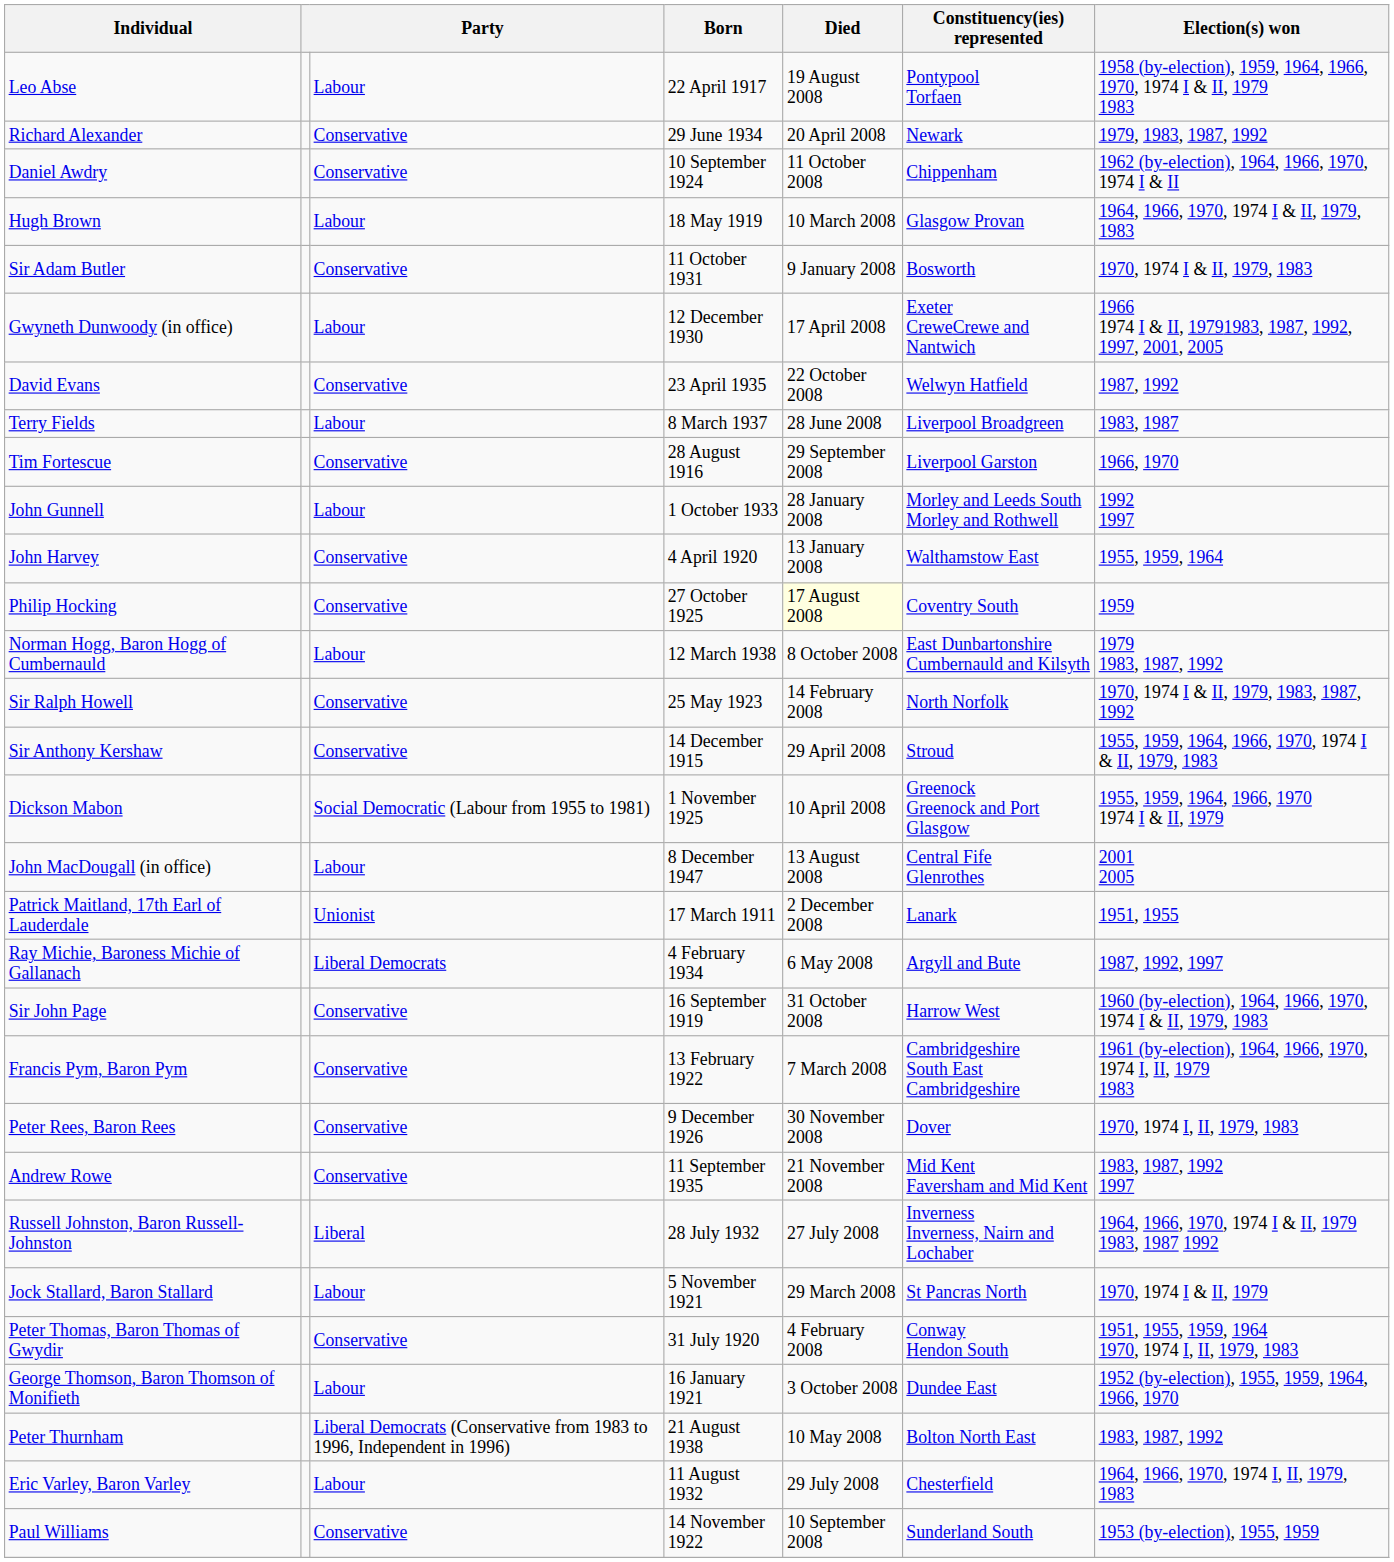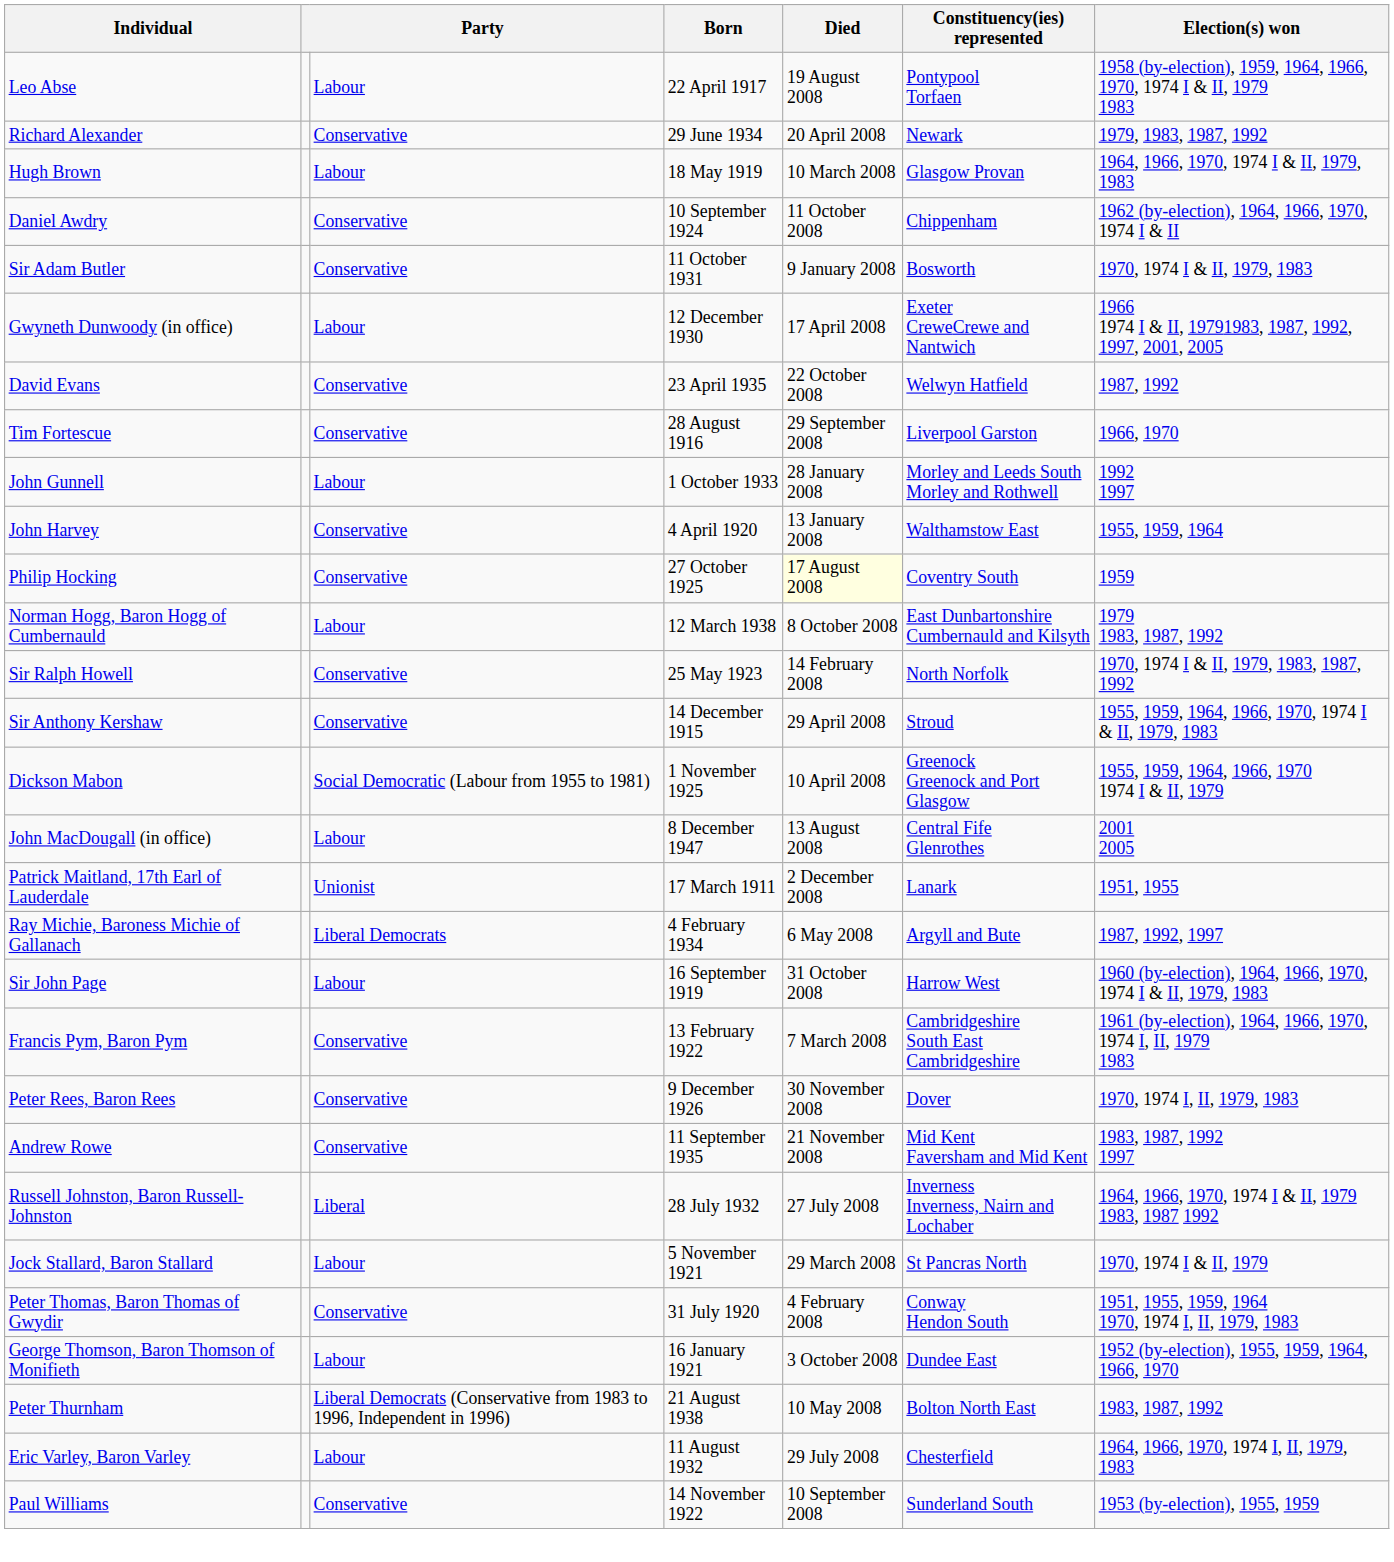 <table class="wikitable sortable">
 <tr>
 <th width="260px">Individual</th>
 <th colspan="2">Party</th>
 <th>Born</th>
 <th>Died</th>
 <th>Constituency(ies) represented</th>
 <th>Election(s) won</th>
 </tr>
 <tr>
 <td><a href='#'>Leo Abse</a></td>
 <td style="background-color: "></td>
 <td><a href='#'>Labour</a></td>
 <td>22 April 1917</td>
 <td>19 August 2008</td>
 <td><a href='#'>Pontypool</a><br><a href='#'>Torfaen</a></td>
 <td><a href='#'>1958 (by-election)</a>, <a href='#'>1959</a>, <a href='#'>1964</a>, <a href='#'>1966</a>, <a href='#'>1970</a>, 1974 <a href='#'>I</a> & <a href='#'>II</a>, <a href='#'>1979</a><br><a href='#'>1983</a></td>
 </tr>
 <tr>
 <td><a href='#'>Richard Alexander</a></td>
 <td style="background-color: "></td>
 <td><a href='#'>Conservative</a></td>
 <td>29 June 1934</td>
 <td>20 April 2008</td>
 <td><a href='#'>Newark</a></td>
 <td><a href='#'>1979</a>, <a href='#'>1983</a>, <a href='#'>1987</a>, <a href='#'>1992</a></td>
 </tr>
 <tr>
+<td><a href='#'>Hugh Brown</a></td>
+<td style="background-color: "></td>
+<td><a href='#'>Labour</a></td>
+<td>18 May 1919</td>
+<td>10 March 2008</td>
+<td><a href='#'>Glasgow Provan</a></td>
+<td><a href='#'>1964</a>, <a href='#'>1966</a>, <a href='#'>1970</a>, 1974 <a href='#'>I</a> & <a href='#'>II</a>, <a href='#'>1979</a>, <a href='#'>1983</a></td>
+</tr>
+<tr>
 <td><a href='#'>Daniel Awdry</a></td>
 <td style="background-color: "></td>
 <td><a href='#'>Conservative</a></td>
 <td>10 September 1924</td>
 <td>11 October 2008</td>
 <td><a href='#'>Chippenham</a></td>
 <td><a href='#'>1962 (by-election)</a>, <a href='#'>1964</a>, <a href='#'>1966</a>, <a href='#'>1970</a>, 1974 <a href='#'>I</a> & <a href='#'>II</a></td>
-</tr>
-<tr>
-<td><a href='#'>Hugh Brown</a></td>
-<td style="background-color: "></td>
-<td><a href='#'>Labour</a></td>
-<td>18 May 1919</td>
-<td>10 March 2008</td>
-<td><a href='#'>Glasgow Provan</a></td>
-<td><a href='#'>1964</a>, <a href='#'>1966</a>, <a href='#'>1970</a>, 1974 <a href='#'>I</a> & <a href='#'>II</a>, <a href='#'>1979</a>, <a href='#'>1983</a></td>
 </tr>
 <tr>
 <td><a href='#'>Sir Adam Butler</a></td>
 <td style="background-color: "></td>
 <td><a href='#'>Conservative</a></td>
 <td>11 October 1931</td>
 <td>9 January 2008</td>
 <td><a href='#'>Bosworth</a></td>
 <td><a href='#'>1970</a>, 1974 <a href='#'>I</a> & <a href='#'>II</a>, <a href='#'>1979</a>, <a href='#'>1983</a></td>
 </tr>
 <tr>
 <td><a href='#'>Gwyneth Dunwoody</a> (in office)</td>
 <td style="background-color: "></td>
 <td><a href='#'>Labour</a></td>
 <td>12 December 1930</td>
 <td>17 April 2008</td>
 <td><a href='#'>Exeter</a><br><a href='#'>Crewe</a><a href='#'>Crewe and Nantwich</a></td>
 <td><a href='#'>1966</a><br>1974 <a href='#'>I</a> & <a href='#'>II</a>, <a href='#'>1979</a><a href='#'>1983</a>, <a href='#'>1987</a>, <a href='#'>1992</a>, <a href='#'>1997</a>, <a href='#'>2001</a>, <a href='#'>2005</a></td>
 </tr>
 <tr>
 <td><a href='#'>David Evans</a></td>
 <td style="background-color: "></td>
 <td><a href='#'>Conservative</a></td>
 <td>23 April 1935</td>
 <td>22 October 2008</td>
 <td><a href='#'>Welwyn Hatfield</a></td>
 <td><a href='#'>1987</a>, <a href='#'>1992</a></td>
-</tr>
-<tr>
-<td><a href='#'>Terry Fields</a></td>
-<td style="background-color: "></td>
-<td><a href='#'>Labour</a></td>
-<td>8 March 1937</td>
-<td>28 June 2008</td>
-<td><a href='#'>Liverpool Broadgreen</a></td>
-<td><a href='#'>1983</a>, <a href='#'>1987</a></td>
 </tr>
 <tr>
 <td><a href='#'>Tim Fortescue</a></td>
 <td style="background-color: "></td>
 <td><a href='#'>Conservative</a></td>
 <td>28 August 1916</td>
 <td>29 September 2008</td>
 <td><a href='#'>Liverpool Garston</a></td>
 <td><a href='#'>1966</a>, <a href='#'>1970</a></td>
 </tr>
 <tr>
 <td><a href='#'>John Gunnell</a></td>
 <td style="background-color: "></td>
 <td><a href='#'>Labour</a></td>
 <td>1 October 1933</td>
 <td>28 January 2008</td>
 <td><a href='#'>Morley and Leeds South</a><br><a href='#'>Morley and Rothwell</a></td>
 <td><a href='#'>1992</a><br><a href='#'>1997</a></td>
 </tr>
 <tr>
 <td><a href='#'>John Harvey</a></td>
 <td style="background-color: "></td>
 <td><a href='#'>Conservative</a></td>
 <td>4 April 1920</td>
 <td>13 January 2008</td>
 <td><a href='#'>Walthamstow East</a></td>
 <td><a href='#'>1955</a>, <a href='#'>1959</a>, <a href='#'>1964</a></td>
 </tr>
 <tr>
 <td><a href='#'>Philip Hocking</a></td>
 <td style="background-color: "></td>
 <td><a href='#'>Conservative</a></td>
 <td>27 October 1925</td>
 <td style="background: lightyellow;">17 August 2008</td>
 <td><a href='#'>Coventry South</a></td>
 <td><a href='#'>1959</a></td>
 </tr>
 <tr>
 <td><a href='#'>Norman Hogg, Baron Hogg of Cumbernauld</a></td>
 <td style="background-color: "></td>
 <td><a href='#'>Labour</a></td>
 <td>12 March 1938</td>
 <td>8 October 2008</td>
 <td><a href='#'>East Dunbartonshire</a><br><a href='#'>Cumbernauld and Kilsyth</a></td>
 <td><a href='#'>1979</a><br><a href='#'>1983</a>, <a href='#'>1987</a>, <a href='#'>1992</a></td>
 </tr>
 <tr>
 <td><a href='#'>Sir Ralph Howell</a></td>
 <td style="background-color: "></td>
 <td><a href='#'>Conservative</a></td>
 <td>25 May 1923</td>
 <td>14 February 2008</td>
 <td><a href='#'>North Norfolk</a></td>
 <td><a href='#'>1970</a>, 1974 <a href='#'>I</a> & <a href='#'>II</a>, <a href='#'>1979</a>, <a href='#'>1983</a>, <a href='#'>1987</a>, <a href='#'>1992</a></td>
 </tr>
 <tr>
 <td><a href='#'>Sir Anthony Kershaw</a></td>
 <td style="background-color: "></td>
 <td><a href='#'>Conservative</a></td>
 <td>14 December 1915</td>
 <td>29 April 2008</td>
 <td><a href='#'>Stroud</a></td>
 <td><a href='#'>1955</a>, <a href='#'>1959</a>, <a href='#'>1964</a>, <a href='#'>1966</a>, <a href='#'>1970</a>, 1974 <a href='#'>I</a> & <a href='#'>II</a>, <a href='#'>1979</a>, <a href='#'>1983</a></td>
 </tr>
 <tr>
 <td><a href='#'>Dickson Mabon</a></td>
 <td style="background-color: "></td>
 <td><a href='#'>Social Democratic</a> (Labour from 1955 to 1981)</td>
 <td>1 November 1925</td>
 <td>10 April 2008</td>
 <td><a href='#'>Greenock</a><br><a href='#'>Greenock and Port Glasgow</a></td>
 <td><a href='#'>1955</a>, <a href='#'>1959</a>, <a href='#'>1964</a>, <a href='#'>1966</a>, <a href='#'>1970</a><br>1974 <a href='#'>I</a> & <a href='#'>II</a>, <a href='#'>1979</a></td>
 </tr>
 <tr>
 <td><a href='#'>John MacDougall</a> (in office)</td>
 <td style="background-color: "></td>
 <td><a href='#'>Labour</a></td>
 <td>8 December 1947</td>
 <td>13 August 2008</td>
 <td><a href='#'>Central Fife</a><br><a href='#'>Glenrothes</a></td>
 <td><a href='#'>2001</a><br><a href='#'>2005</a></td>
 </tr>
 <tr>
 <td><a href='#'>Patrick Maitland, 17th Earl of Lauderdale</a></td>
 <td style="background-color: "></td>
 <td><a href='#'>Unionist</a></td>
 <td>17 March 1911</td>
 <td>2 December 2008</td>
 <td><a href='#'>Lanark</a></td>
 <td><a href='#'>1951</a>, <a href='#'>1955</a></td>
 </tr>
 <tr>
 <td><a href='#'>Ray Michie, Baroness Michie of Gallanach</a></td>
 <td style="background-color: "></td>
 <td><a href='#'>Liberal Democrats</a></td>
 <td>4 February 1934</td>
 <td>6 May 2008</td>
 <td><a href='#'>Argyll and Bute</a></td>
 <td><a href='#'>1987</a>, <a href='#'>1992</a>, <a href='#'>1997</a></td>
 </tr>
 <tr>
 <td><a href='#'>Sir John Page</a></td>
 <td style="background-color: "></td>
-<td><a href='#'>Conservative</a></td>
+<td><a href='#'>Labour</a></td>
 <td>16 September 1919</td>
 <td>31 October 2008</td>
 <td><a href='#'>Harrow West</a></td>
 <td><a href='#'>1960 (by-election)</a>, <a href='#'>1964</a>, <a href='#'>1966</a>, <a href='#'>1970</a>, 1974 <a href='#'>I</a> & <a href='#'>II</a>, <a href='#'>1979</a>, <a href='#'>1983</a></td>
 </tr>
 <tr>
 <td><a href='#'>Francis Pym, Baron Pym</a></td>
 <td style="background-color: "></td>
 <td><a href='#'>Conservative</a></td>
 <td>13 February 1922</td>
 <td>7 March 2008</td>
 <td><a href='#'>Cambridgeshire</a><br><a href='#'>South East Cambridgeshire</a></td>
 <td><a href='#'>1961 (by-election)</a>, <a href='#'>1964</a>, <a href='#'>1966</a>, <a href='#'>1970</a>, 1974 <a href='#'>I</a>, <a href='#'>II</a>, <a href='#'>1979</a><br><a href='#'>1983</a></td>
 </tr>
 <tr>
 <td><a href='#'>Peter Rees, Baron Rees</a></td>
 <td style="background-color: "></td>
 <td><a href='#'>Conservative</a></td>
 <td>9 December 1926</td>
 <td>30 November 2008</td>
 <td><a href='#'>Dover</a></td>
 <td><a href='#'>1970</a>, 1974 <a href='#'>I</a>, <a href='#'>II</a>, <a href='#'>1979</a>, <a href='#'>1983</a></td>
 </tr>
 <tr>
 <td><a href='#'>Andrew Rowe</a></td>
 <td style="background-color: "></td>
 <td><a href='#'>Conservative</a></td>
 <td>11 September 1935</td>
 <td>21 November 2008</td>
 <td><a href='#'>Mid Kent</a><br><a href='#'>Faversham and Mid Kent</a></td>
 <td><a href='#'>1983</a>, <a href='#'>1987</a>, <a href='#'>1992</a><br><a href='#'>1997</a></td>
 </tr>
 <tr>
 <td><a href='#'>Russell Johnston, Baron Russell-Johnston</a></td>
 <td style="background-color: "></td>
 <td><a href='#'>Liberal</a></td>
 <td>28 July 1932</td>
 <td>27 July 2008</td>
 <td><a href='#'>Inverness</a><br><a href='#'>Inverness, Nairn and Lochaber</a></td>
 <td><a href='#'>1964</a>, <a href='#'>1966</a>, <a href='#'>1970</a>, 1974 <a href='#'>I</a> & <a href='#'>II</a>, <a href='#'>1979</a><br><a href='#'>1983</a>, <a href='#'>1987</a> <a href='#'>1992</a></td>
 </tr>
 <tr>
 <td><a href='#'>Jock Stallard, Baron Stallard</a></td>
 <td style="background-color: "></td>
 <td><a href='#'>Labour</a></td>
 <td>5 November 1921</td>
 <td>29 March 2008</td>
 <td><a href='#'>St Pancras North</a></td>
 <td><a href='#'>1970</a>, 1974 <a href='#'>I</a> & <a href='#'>II</a>, <a href='#'>1979</a></td>
 </tr>
 <tr>
 <td><a href='#'>Peter Thomas, Baron Thomas of Gwydir</a></td>
 <td style="background-color: "></td>
 <td><a href='#'>Conservative</a></td>
 <td>31 July 1920</td>
 <td>4 February 2008</td>
 <td><a href='#'>Conway</a><br><a href='#'>Hendon South</a></td>
 <td><a href='#'>1951</a>, <a href='#'>1955</a>, <a href='#'>1959</a>, <a href='#'>1964</a><br><a href='#'>1970</a>, 1974 <a href='#'>I</a>, <a href='#'>II</a>, <a href='#'>1979</a>, <a href='#'>1983</a></td>
 </tr>
 <tr>
 <td><a href='#'>George Thomson, Baron Thomson of Monifieth</a></td>
 <td style="background-color: "></td>
 <td><a href='#'>Labour</a></td>
 <td>16 January 1921</td>
 <td>3 October 2008</td>
 <td><a href='#'>Dundee East</a></td>
 <td><a href='#'>1952 (by-election)</a>, <a href='#'>1955</a>, <a href='#'>1959</a>, <a href='#'>1964</a>, <a href='#'>1966</a>, <a href='#'>1970</a></td>
 </tr>
 <tr>
 <td><a href='#'>Peter Thurnham</a></td>
 <td style="background-color: "></td>
 <td><a href='#'>Liberal Democrats</a> (Conservative from 1983 to 1996, Independent in 1996)</td>
 <td>21 August 1938</td>
 <td>10 May 2008</td>
 <td><a href='#'>Bolton North East</a></td>
 <td><a href='#'>1983</a>, <a href='#'>1987</a>, <a href='#'>1992</a></td>
 </tr>
 <tr>
 <td><a href='#'>Eric Varley, Baron Varley</a></td>
 <td style="background-color: "></td>
 <td><a href='#'>Labour</a></td>
 <td>11 August 1932</td>
 <td>29 July 2008</td>
 <td><a href='#'>Chesterfield</a></td>
 <td><a href='#'>1964</a>, <a href='#'>1966</a>, <a href='#'>1970</a>, 1974 <a href='#'>I</a>, <a href='#'>II</a>, <a href='#'>1979</a>, <a href='#'>1983</a></td>
 </tr>
 <tr>
 <td><a href='#'>Paul Williams</a></td>
 <td style="background-color: "></td>
 <td><a href='#'>Conservative</a></td>
 <td>14 November 1922</td>
 <td>10 September 2008</td>
 <td><a href='#'>Sunderland South</a></td>
 <td><a href='#'>1953 (by-election)</a>, <a href='#'>1955</a>, <a href='#'>1959</a></td>
 </tr>
 <tr>
 </tr>
 </table>
